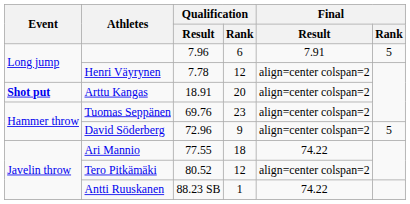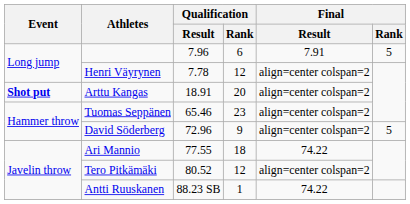 <table class="wikitable" border="1" style="font-size:90%">
 <tr>
 <th rowspan=2>Event</th>
 <th rowspan=2>Athletes</th>
 <th colspan=2>Qualification</th>
 <th colspan=2>Final</th>
 </tr>
 <tr>
 <th>Result</th>
 <th>Rank</th>
 <th>Result</th>
 <th>Rank</th>
 </tr>
 <tr>
 <td rowspan=2><a href='#'>Long jump</a></td>
 <td></td>
 <td align=center>7.96</td>
 <td align=center>6 </td>
 <td align=center>7.91</td>
 <td align=center>5</td>
 </tr>
 <tr>
 <td><a href='#'>Henri Väyrynen</a></td>
 <td align=center>7.78</td>
 <td align=center>12</td>
 <td>align=center colspan=2 </td>
 </tr>
 <tr>
 <td><strong><a href='#'>Shot put</a></strong></td>
 <td><a href='#'>Arttu Kangas</a></td>
 <td align=center>18.91</td>
 <td align=center>20</td>
 <td>align=center colspan=2 </td>
 </tr>
 <tr>
 <td rowspan=2><a href='#'>Hammer throw</a></td>
 <td><a href='#'>Tuomas Seppänen</a></td>
-<td align=center>69.76</td>
+<td align=center>65.46</td>
 <td align=center>23</td>
 <td>align=center colspan=2 </td>
 </tr>
 <tr>
 <td><a href='#'>David Söderberg</a></td>
 <td align=center>72.96</td>
 <td align=center>9 </td>
 <td>align=center colspan=2 </td>
 <td align=center>5</td>
 </tr>
 <tr>
 <td rowspan=3><a href='#'>Javelin throw</a></td>
 <td><a href='#'>Ari Mannio</a></td>
 <td align=center>77.55</td>
 <td align=center>18</td>
 <td align=center>74.22</td>
 </tr>
 <tr>
 <td><a href='#'>Tero Pitkämäki</a></td>
 <td align=center>80.52</td>
 <td align=center>12</td>
 <td>align=center colspan=2 </td>
 </tr>
 <tr>
 <td><a href='#'>Antti Ruuskanen</a></td>
 <td align=center>88.23 SB</td>
 <td align=center>1 </td>
 <td align=center>74.22</td>
 <td align=center></td>
 </tr>
 </table>
